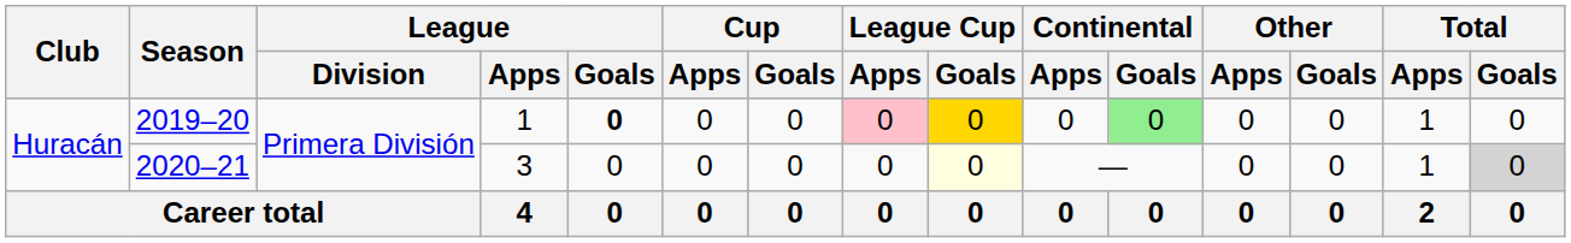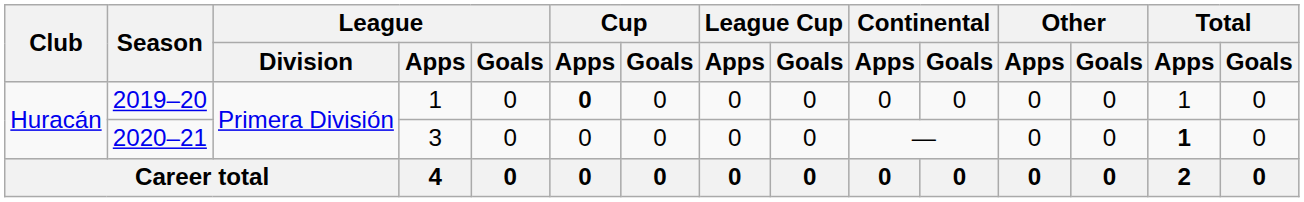 <table class="wikitable" style="text-align:center">
 <tr>
 <th rowspan="2">Club</th>
 <th rowspan="2">Season</th>
 <th colspan="3">League</th>
 <th colspan="2">Cup</th>
 <th colspan="2">League Cup</th>
 <th colspan="2">Continental</th>
 <th colspan="2">Other</th>
 <th colspan="2">Total</th>
 </tr>
 <tr>
 <th>Division</th>
 <th>Apps</th>
 <th>Goals</th>
 <th>Apps</th>
 <th>Goals</th>
 <th>Apps</th>
 <th>Goals</th>
 <th>Apps</th>
 <th>Goals</th>
 <th>Apps</th>
 <th>Goals</th>
 <th>Apps</th>
 <th>Goals</th>
 </tr>
 <tr>
 <td rowspan="2"><a href='#'>Huracán</a></td>
 <td><a href='#'>2019–20</a></td>
 <td rowspan="2"><a href='#'>Primera División</a></td>
 <td>1</td>
+<td>0</td>
 <td><strong>0</strong></td>
 <td>0</td>
 <td>0</td>
-<td style="background: pink;">0</td>
-<td style="background: gold;">0</td>
 <td>0</td>
-<td style="background: lightgreen;">0</td>
+<td>0</td>
+<td>0</td>
 <td>0</td>
 <td>0</td>
 <td>1</td>
 <td>0</td>
 </tr>
 <tr>
 <td><a href='#'>2020–21</a></td>
 <td>3</td>
 <td>0</td>
 <td>0</td>
 <td>0</td>
 <td>0</td>
-<td style="background: lightyellow;">0</td>
+<td>0</td>
 <td colspan="2">—</td>
 <td>0</td>
 <td>0</td>
-<td>1</td>
-<td style="background: lightgrey;">0</td>
+<td><strong>1</strong></td>
+<td>0</td>
 </tr>
 <tr>
 <th colspan="3">Career total</th>
 <th>4</th>
 <th>0</th>
 <th>0</th>
 <th>0</th>
 <th>0</th>
 <th>0</th>
 <th>0</th>
 <th>0</th>
 <th>0</th>
 <th>0</th>
 <th>2</th>
 <th>0</th>
 </tr>
 </table>
